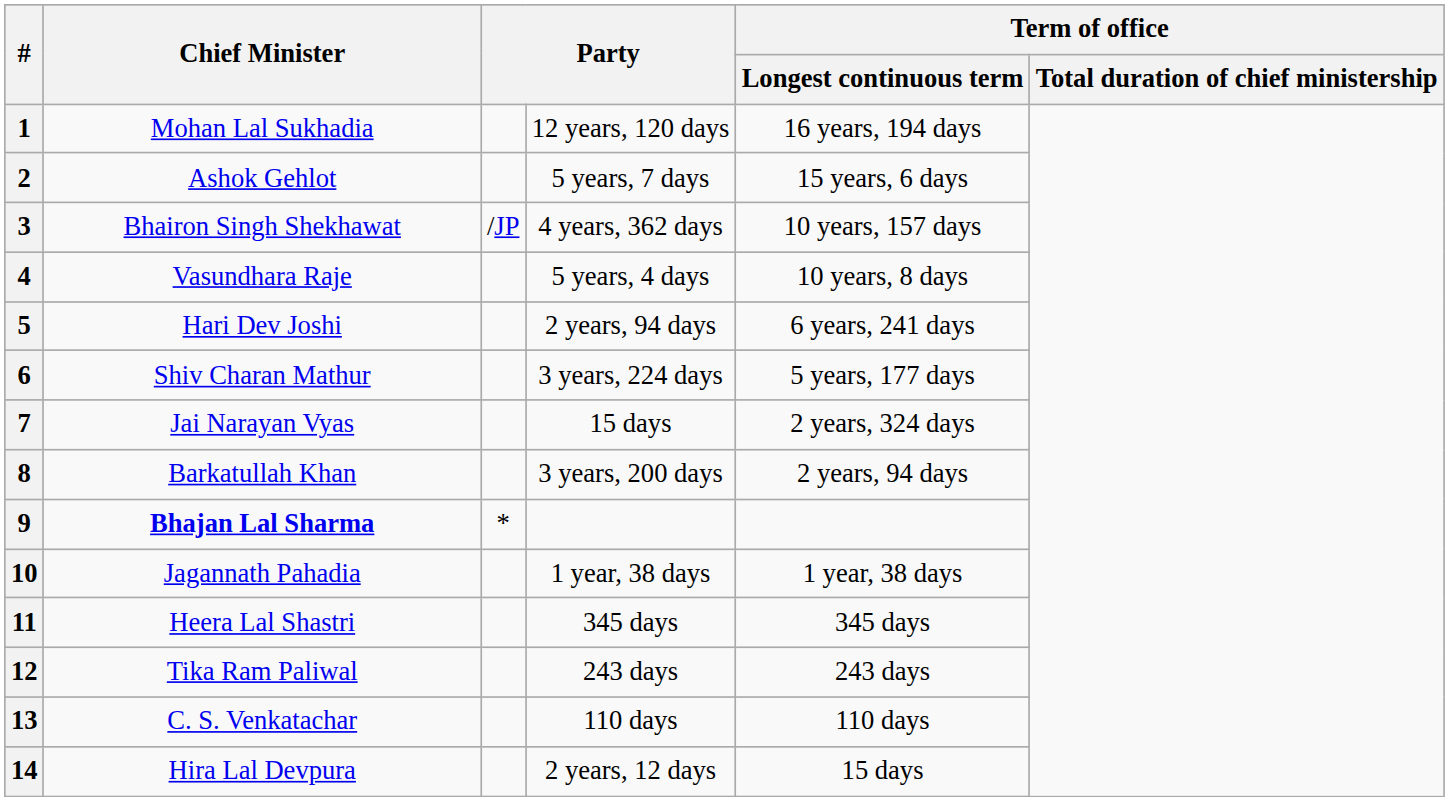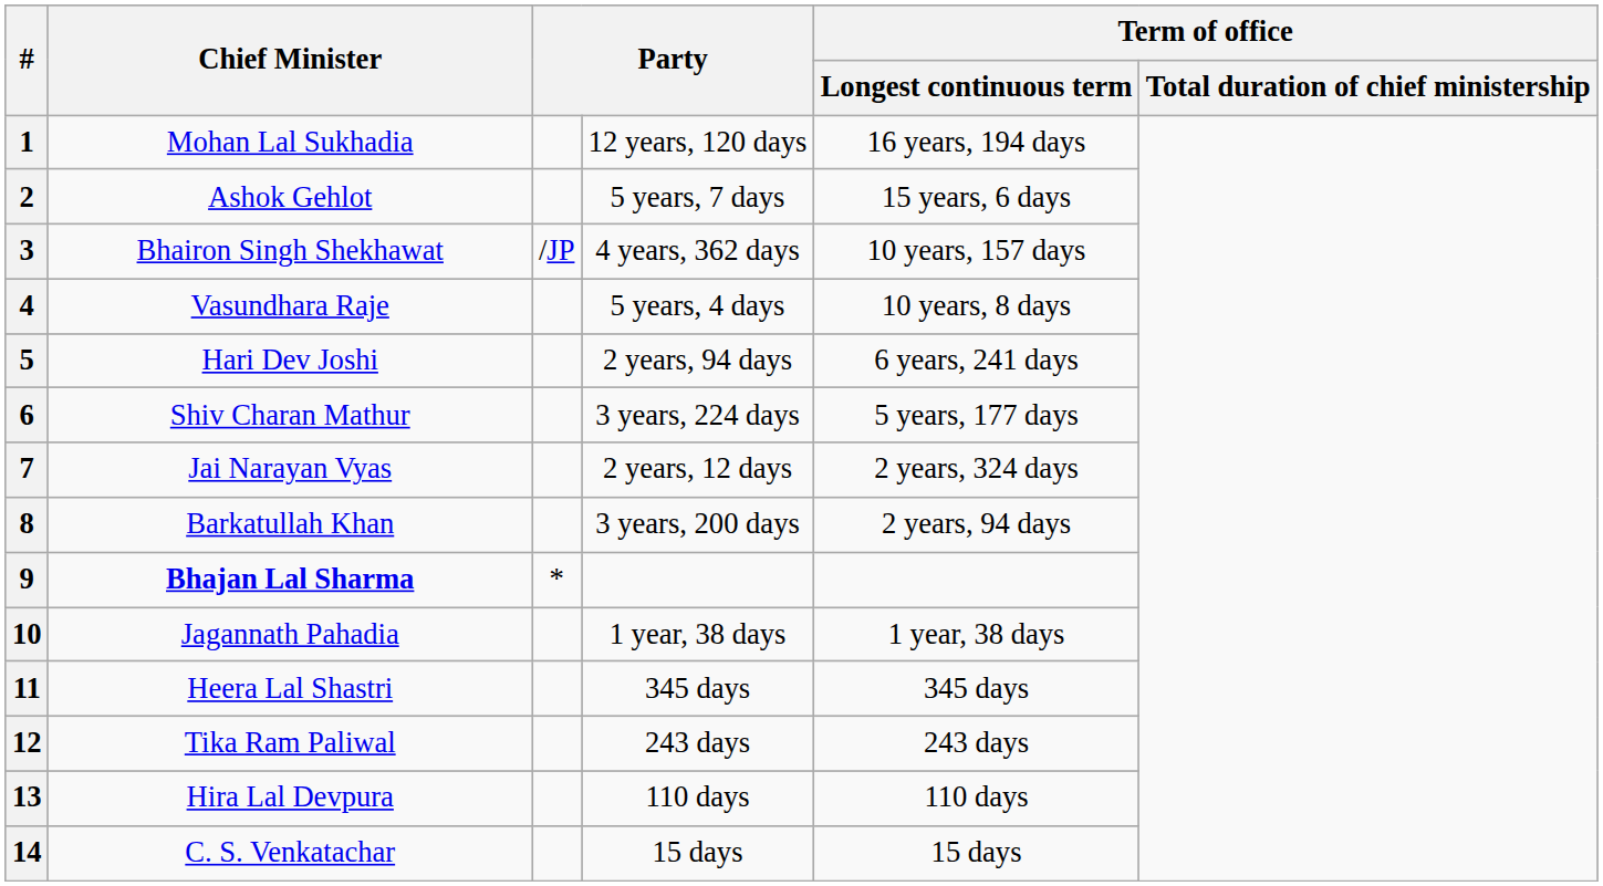 <table class="wikitable sortable" style="line-height:1.4em; text-align:center">
 <tr>
 <th data-sort-type=number rowspan = "2">#</th>
 <th rowspan="2" style="width:16em">Chief Minister</th>
 <th rowspan="2" colspan=2 style="width:8em">Party</th>
 <th colspan="2">Term of office</th>
 </tr>
 <tr>
 <th>Longest continuous term</th>
 <th>Total duration of chief ministership</th>
 </tr>
 <tr>
 <th data-sort-value="1">1</th>
 <td><a href='#'>Mohan Lal Sukhadia</a></td>
 <td></td>
 <td>12 years, 120 days</td>
 <td>16 years, 194 days</td>
 </tr>
 <tr>
 <th data-sort-value="2">2</th>
 <td><a href='#'>Ashok Gehlot</a></td>
 <td></td>
 <td>5 years, 7 days</td>
 <td>15 years, 6 days</td>
 </tr>
 <tr>
 <th data-sort-value="3">3</th>
 <td><a href='#'>Bhairon Singh Shekhawat</a></td>
 <td>/<a href='#'>JP</a></td>
 <td>4 years, 362 days</td>
 <td>10 years, 157 days</td>
 </tr>
 <tr>
 <th data-sort-value="4">4</th>
 <td><a href='#'>Vasundhara Raje</a></td>
 <td></td>
 <td>5 years, 4 days</td>
 <td>10 years, 8 days</td>
 </tr>
 <tr>
 <th data-sort-value="5">5</th>
 <td><a href='#'>Hari Dev Joshi</a></td>
 <td></td>
 <td>2 years, 94 days</td>
 <td>6 years, 241 days</td>
 </tr>
 <tr>
 <th data-sort-value="6">6</th>
 <td><a href='#'>Shiv Charan Mathur</a></td>
 <td></td>
 <td>3 years, 224 days</td>
 <td>5 years, 177 days</td>
 </tr>
 <tr>
 <th data-sort-value="7">7</th>
 <td><a href='#'>Jai Narayan Vyas</a></td>
 <td></td>
-<td>15 days</td>
+<td>2 years, 12 days</td>
 <td>2 years, 324 days</td>
 </tr>
 <tr>
 <th data-sort-value="8">8</th>
 <td><a href='#'>Barkatullah Khan</a></td>
 <td></td>
 <td>3 years, 200 days</td>
 <td>2 years, 94 days</td>
 </tr>
 <tr>
 <th data-sort-value="10">9</th>
 <td><strong><a href='#'>Bhajan Lal Sharma</a></strong></td>
 <td>*</td>
 <td><strong></strong></td>
 <td><strong></strong></td>
 </tr>
 <tr>
 <th data-sort-value="9">10</th>
 <td><a href='#'>Jagannath Pahadia</a></td>
 <td></td>
 <td>1 year, 38 days</td>
 <td>1 year, 38 days</td>
 </tr>
 <tr>
 <th data-sort-value="11">11</th>
 <td><a href='#'>Heera Lal Shastri</a></td>
 <td></td>
 <td>345 days</td>
 <td>345 days</td>
 </tr>
 <tr>
 <th data-sort-value="12">12</th>
 <td><a href='#'>Tika Ram Paliwal</a></td>
 <td></td>
 <td>243 days</td>
 <td>243 days</td>
 </tr>
 <tr>
 <th data-sort-value="13">13</th>
-<td><a href='#'>C. S. Venkatachar</a></td>
+<td><a href='#'>Hira Lal Devpura</a></td>
 <td></td>
 <td>110 days</td>
 <td>110 days</td>
 </tr>
 <tr>
 <th data-sort-value="14">14</th>
-<td><a href='#'>Hira Lal Devpura</a></td>
+<td><a href='#'>C. S. Venkatachar</a></td>
 <td></td>
-<td>2 years, 12 days</td>
+<td>15 days</td>
 <td>15 days</td>
 </tr>
 <tr>
 </tr>
 </table>
